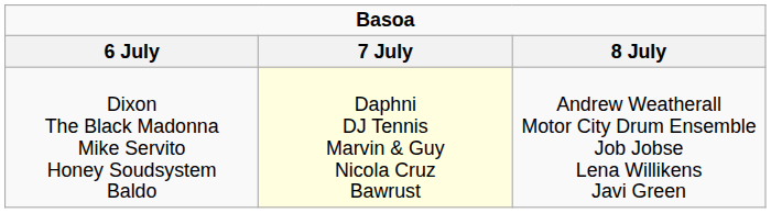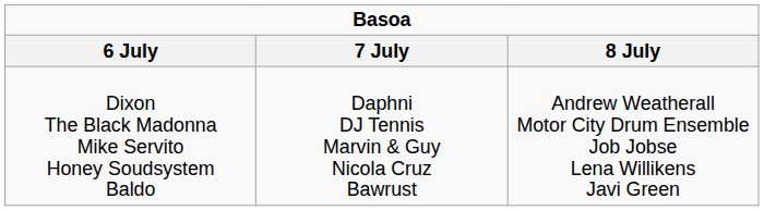 <table class="wikitable">
 <tr>
 <td colspan="4" align="center"><strong>Basoa</strong></td>
 </tr>
 <tr>
 <th>6 July</th>
 <th>7 July</th>
 <th>8 July</th>
 </tr>
 <tr>
 <td valign="top" align="center" width=200><br>Dixon<br> The Black Madonna<br> Mike Servito<br> Honey Soudsystem<br> Baldo</td>
-<td valign="top" align="center" width=200 style="background: lightyellow;"><br>Daphni<br> DJ Tennis<br> Marvin & Guy<br> Nicola Cruz<br> Bawrust</td>
+<td valign="top" align="center" width=200><br>Daphni<br> DJ Tennis<br> Marvin & Guy<br> Nicola Cruz<br> Bawrust</td>
 <td valign="top" align="center" width=200><br>Andrew Weatherall<br> Motor City Drum Ensemble<br> Job Jobse<br> Lena Willikens<br> Javi Green</td>
 </tr>
 </table>
